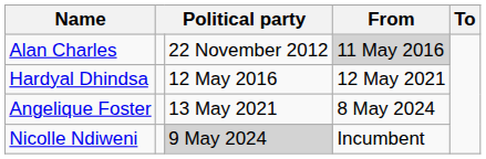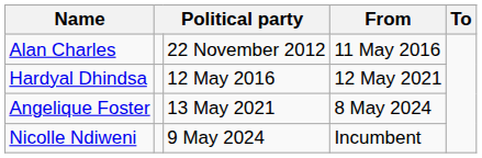 <table class="wikitable">
 <tr>
 <th>Name</th>
 <th scope="col" colspan="2">Political party</th>
 <th>From</th>
 <th>To</th>
 </tr>
 <tr>
 <td><a href='#'>Alan Charles</a></td>
 <td></td>
 <td>22 November 2012</td>
-<td style="background: lightgrey;">11 May 2016</td>
+<td>11 May 2016</td>
 </tr>
 <tr>
 <td><a href='#'>Hardyal Dhindsa</a></td>
 <td></td>
 <td>12 May 2016</td>
 <td>12 May 2021</td>
 </tr>
 <tr>
 <td><a href='#'>Angelique Foster</a></td>
 <td></td>
 <td>13 May 2021</td>
 <td>8 May 2024</td>
 </tr>
 <tr>
 <td><a href='#'>Nicolle Ndiweni</a></td>
 <td></td>
-<td style="background: lightgrey;">9 May 2024</td>
+<td>9 May 2024</td>
 <td>Incumbent</td>
 </tr>
 </table>
